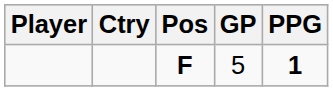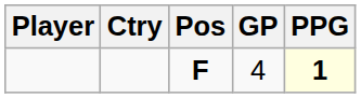 <table class= "wikitable sortable">
 <tr>
 <th>Player</th>
 <th>Ctry</th>
 <th>Pos</th>
 <th>GP</th>
 <th>PPG</th>
 </tr>
 <tr align="center">
 <td align="left"></td>
 <td></td>
 <td><strong>F</strong></td>
-<td>5</td>
-<td><strong>1</strong></td>
+<td>4</td>
+<td style="background: lightyellow;"><strong>1</strong></td>
 </tr>
 </table>
